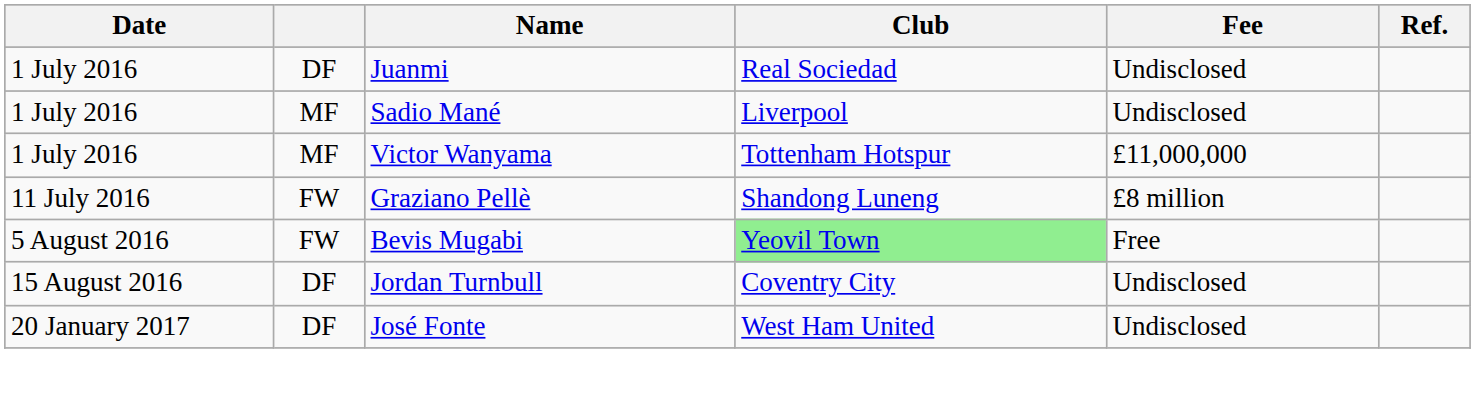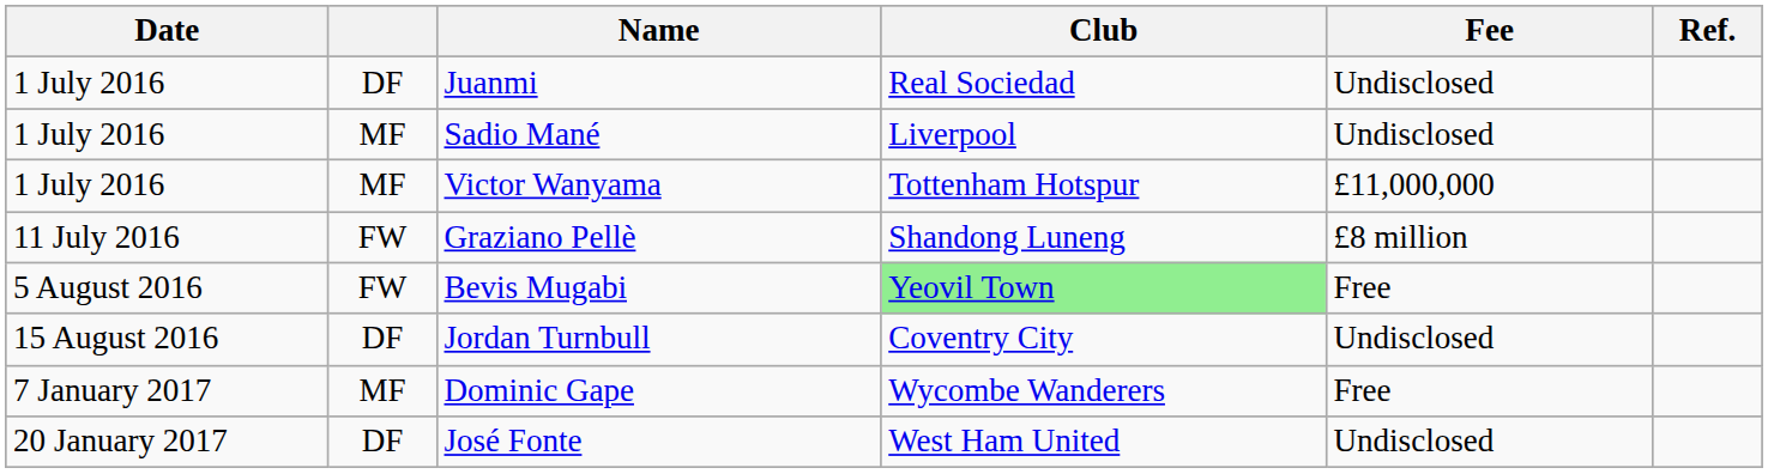 <table class="wikitable plainrowheaders">
 <tr>
 <th scope="col" style="width:10em;">Date</th>
 <th scope="col" style="width:3em;"></th>
 <th scope="col" style="width:14em;">Name</th>
 <th scope="col" style="width:14em;">Club</th>
 <th scope="col" style="width:10em;">Fee</th>
 <th scope="col" style="width:3em;">Ref.</th>
 </tr>
 <tr>
 <td>1 July 2016</td>
 <td align="center">DF</td>
 <td> <a href='#'>Juanmi</a></td>
 <td> <a href='#'>Real Sociedad</a></td>
 <td>Undisclosed</td>
 <td align="center"></td>
 </tr>
 <tr>
 <td>1 July 2016</td>
 <td align="center">MF</td>
 <td> <a href='#'>Sadio Mané</a></td>
 <td> <a href='#'>Liverpool</a></td>
 <td>Undisclosed</td>
 <td align="center"></td>
 </tr>
 <tr>
 <td>1 July 2016</td>
 <td align="center">MF</td>
 <td> <a href='#'>Victor Wanyama</a></td>
 <td> <a href='#'>Tottenham Hotspur</a></td>
 <td>£11,000,000</td>
 <td align="center"></td>
 </tr>
 <tr>
 <td>11 July 2016</td>
 <td align="center">FW</td>
 <td> <a href='#'>Graziano Pellè</a></td>
 <td> <a href='#'>Shandong Luneng</a></td>
 <td>£8 million</td>
 <td align="center"></td>
 </tr>
 <tr>
 <td>5 August 2016</td>
 <td align="center">FW</td>
 <td> <a href='#'>Bevis Mugabi</a></td>
 <td style="background: lightgreen;"> <a href='#'>Yeovil Town</a></td>
 <td>Free</td>
 <td align="center"></td>
 </tr>
 <tr>
 <td>15 August 2016</td>
 <td align="center">DF</td>
 <td> <a href='#'>Jordan Turnbull</a></td>
 <td> <a href='#'>Coventry City</a></td>
 <td>Undisclosed</td>
 <td align="center"></td>
 </tr>
 <tr>
+<td>7 January 2017</td>
+<td align="center">MF</td>
+<td> <a href='#'>Dominic Gape</a></td>
+<td> <a href='#'>Wycombe Wanderers</a></td>
+<td>Free</td>
+<td align="center"></td>
+</tr>
+<tr>
 <td>20 January 2017</td>
 <td align="center">DF</td>
 <td> <a href='#'>José Fonte</a></td>
 <td> <a href='#'>West Ham United</a></td>
 <td>Undisclosed</td>
 <td align="center"></td>
 </tr>
 </table>
